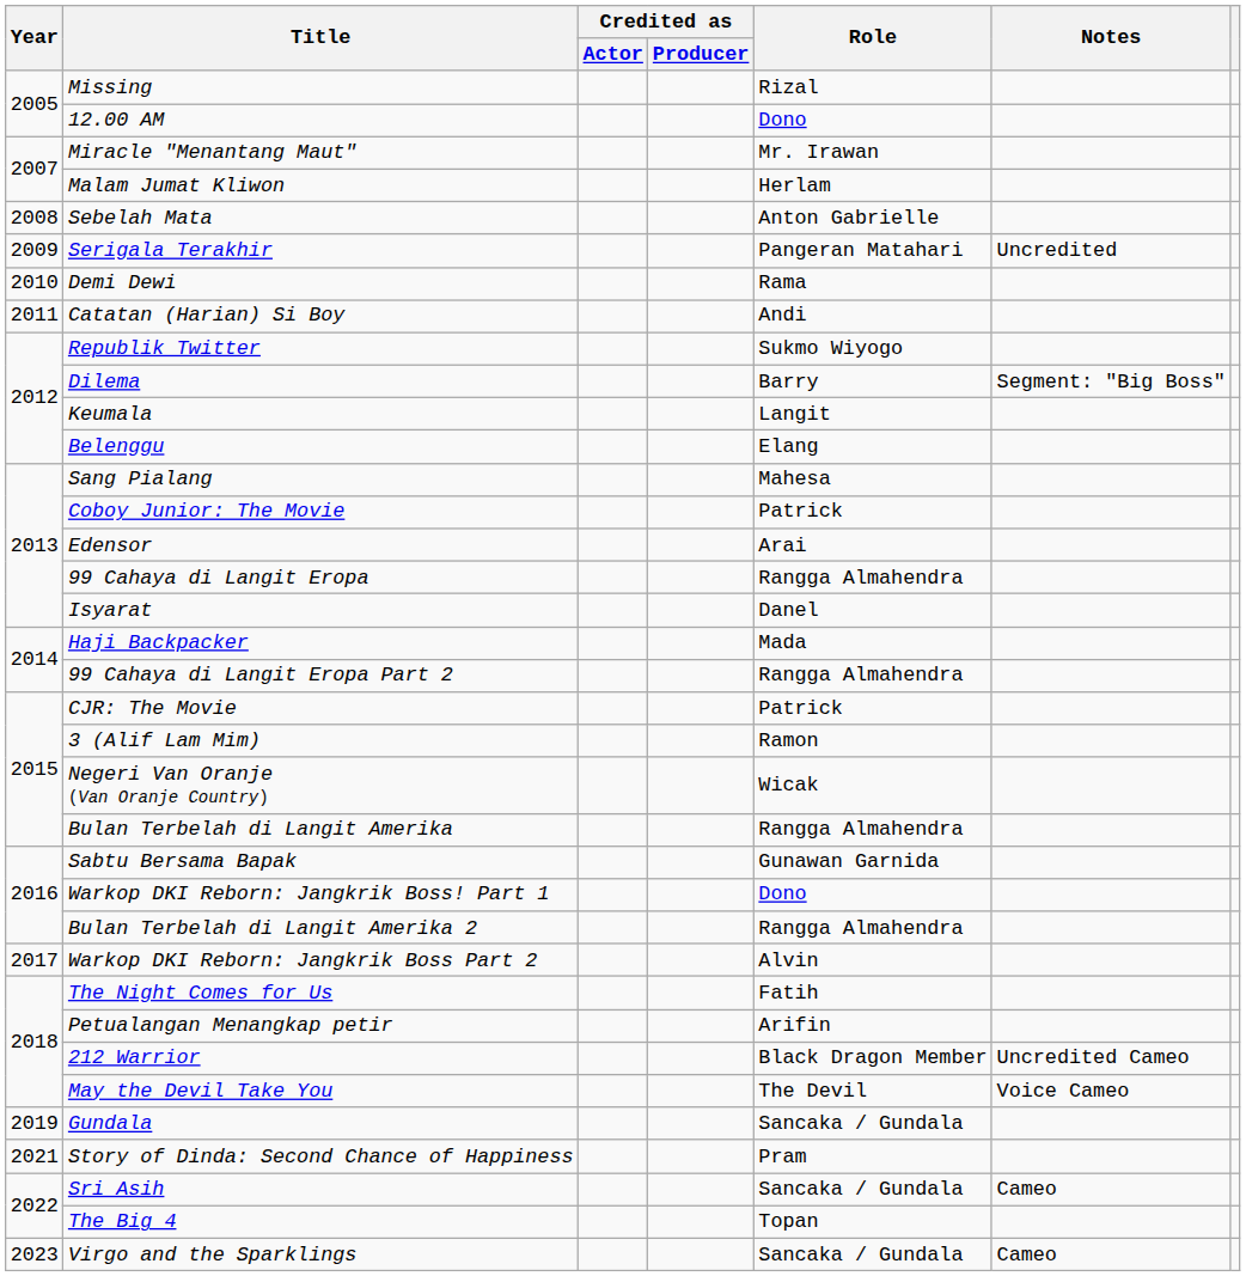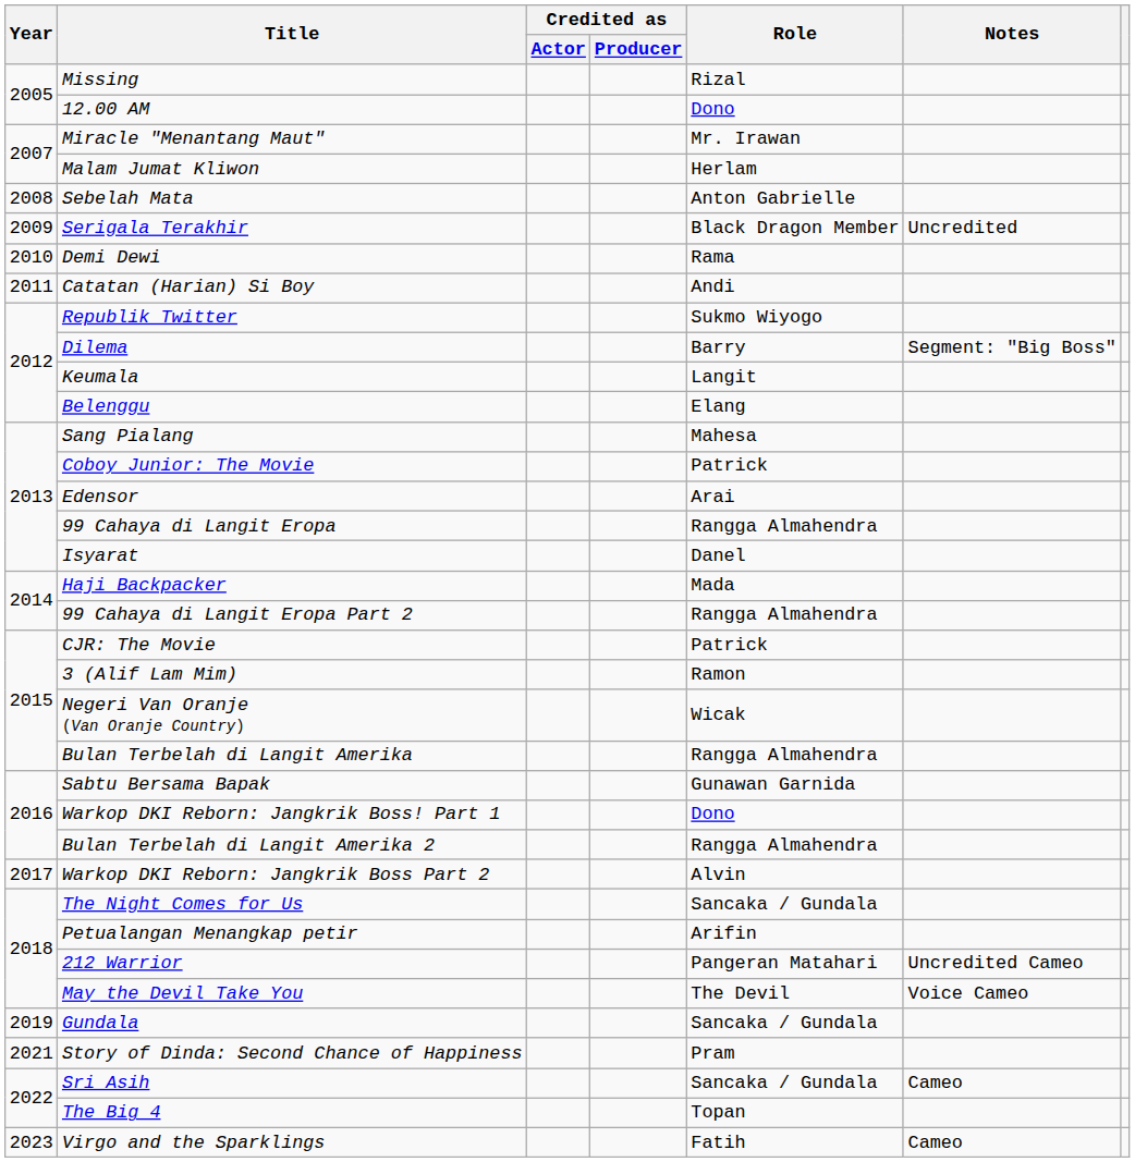 <table class="wikitable plainrowheaders sortable">
 <tr>
 <th rowspan="2" scope="col">Year</th>
 <th rowspan="2" scope="col">Title</th>
 <th colspan="2" scope="col">Credited as</th>
 <th rowspan="2" scope="col" class="unsortable">Role</th>
 <th rowspan="2" scope="col" class="unsortable">Notes</th>
 <th rowspan="2" scope="col" class="unsortable"></th>
 </tr>
 <tr>
 <th><strong><a href='#'>Actor</a></strong></th>
 <th><strong><a href='#'>Producer</a></strong></th>
 </tr>
 <tr>
 <td rowspan="2">2005</td>
 <td><em>Missing</em></td>
 <td></td>
 <td></td>
 <td>Rizal</td>
 <td></td>
 <td></td>
 </tr>
 <tr>
 <td><em>12.00 AM</em></td>
 <td></td>
 <td></td>
 <td><a href='#'>Dono</a></td>
 <td></td>
 <td></td>
 </tr>
 <tr>
 <td rowspan="2">2007</td>
 <td><em>Miracle "Menantang Maut"</em></td>
 <td></td>
 <td></td>
 <td>Mr. Irawan</td>
 <td></td>
 <td></td>
 </tr>
 <tr>
 <td><em>Malam Jumat Kliwon</em></td>
 <td></td>
 <td></td>
 <td>Herlam</td>
 <td></td>
 <td></td>
 </tr>
 <tr>
 <td>2008</td>
 <td><em>Sebelah Mata</em></td>
 <td></td>
 <td></td>
 <td>Anton Gabrielle</td>
 <td></td>
 <td></td>
 </tr>
 <tr>
 <td>2009</td>
 <td><em><a href='#'>Serigala Terakhir</a></em><br></td>
 <td></td>
 <td></td>
-<td>Pangeran Matahari</td>
+<td>Black Dragon Member</td>
 <td>Uncredited</td>
 <td></td>
 </tr>
 <tr>
 <td>2010</td>
 <td><em>Demi Dewi</em></td>
 <td></td>
 <td></td>
 <td>Rama</td>
 <td></td>
 <td></td>
 </tr>
 <tr>
 <td>2011</td>
 <td><em>Catatan (Harian) Si Boy</em> <br></td>
 <td></td>
 <td></td>
 <td>Andi</td>
 <td></td>
 <td></td>
 </tr>
 <tr>
 <td rowspan="4">2012</td>
 <td><em><a href='#'>Republik Twitter</a></em></td>
 <td></td>
 <td></td>
 <td>Sukmo Wiyogo</td>
 <td></td>
 <td></td>
 </tr>
 <tr>
 <td><em><a href='#'>Dilema</a></em></td>
 <td></td>
 <td></td>
 <td>Barry</td>
 <td>Segment: "Big Boss"</td>
 <td></td>
 </tr>
 <tr>
 <td><em>Keumala</em></td>
 <td></td>
 <td></td>
 <td>Langit</td>
 <td></td>
 <td></td>
 </tr>
 <tr>
 <td><em><a href='#'>Belenggu</a></em></td>
 <td></td>
 <td></td>
 <td>Elang</td>
 <td></td>
 <td></td>
 </tr>
 <tr>
 <td rowspan="5">2013</td>
 <td><em>Sang Pialang</em><br></td>
 <td></td>
 <td></td>
 <td>Mahesa</td>
 <td></td>
 <td></td>
 </tr>
 <tr>
 <td><em><a href='#'>Coboy Junior: The Movie</a></em></td>
 <td></td>
 <td></td>
 <td>Patrick</td>
 <td></td>
 <td></td>
 </tr>
 <tr>
 <td><em>Edensor</em></td>
 <td></td>
 <td></td>
 <td>Arai</td>
 <td></td>
 <td></td>
 </tr>
 <tr>
 <td><em>99 Cahaya di Langit Eropa</em><br></td>
 <td></td>
 <td></td>
 <td>Rangga Almahendra</td>
 <td></td>
 <td></td>
 </tr>
 <tr>
 <td><em>Isyarat</em><br></td>
 <td></td>
 <td></td>
 <td>Danel</td>
 <td></td>
 <td></td>
 </tr>
 <tr>
 <td rowspan="2">2014</td>
 <td><em><a href='#'>Haji Backpacker</a></em></td>
 <td></td>
 <td></td>
 <td>Mada</td>
 <td></td>
 <td></td>
 </tr>
 <tr>
 <td><em>99 Cahaya di Langit Eropa Part 2 </em><br></td>
 <td></td>
 <td></td>
 <td>Rangga Almahendra</td>
 <td></td>
 <td></td>
 </tr>
 <tr>
 <td rowspan="4">2015</td>
 <td><em>CJR: The Movie</em></td>
 <td></td>
 <td></td>
 <td>Patrick</td>
 <td></td>
 <td></td>
 </tr>
 <tr>
 <td><em>3 (Alif Lam Mim)</em></td>
 <td></td>
 <td></td>
 <td>Ramon</td>
 <td></td>
 <td></td>
 </tr>
 <tr>
 <td><em>Negeri Van Oranje</em><br><small>(<em>Van Oranje Country</em>)</small></td>
 <td></td>
 <td></td>
 <td>Wicak</td>
 <td></td>
 <td></td>
 </tr>
 <tr>
 <td><em>Bulan Terbelah di Langit Amerika</em></td>
 <td></td>
 <td></td>
 <td>Rangga Almahendra</td>
 <td></td>
 <td></td>
 </tr>
 <tr>
 <td rowspan="3">2016</td>
 <td><em>Sabtu Bersama Bapak</em><br></td>
 <td></td>
 <td></td>
 <td>Gunawan Garnida</td>
 <td></td>
 <td></td>
 </tr>
 <tr>
 <td><em>Warkop DKI Reborn: Jangkrik Boss! Part 1</em></td>
 <td></td>
 <td></td>
 <td><a href='#'>Dono</a></td>
 <td></td>
 <td></td>
 </tr>
 <tr>
 <td><em>Bulan Terbelah di Langit Amerika 2</em></td>
 <td></td>
 <td></td>
 <td>Rangga Almahendra</td>
 <td></td>
 <td></td>
 </tr>
 <tr>
 <td>2017</td>
 <td><em>Warkop DKI Reborn: Jangkrik Boss Part 2</em></td>
 <td></td>
 <td></td>
 <td>Alvin</td>
 <td></td>
 <td></td>
 </tr>
 <tr>
 <td rowspan="4">2018</td>
 <td><em><a href='#'>The Night Comes for Us</a></em></td>
 <td></td>
 <td></td>
-<td>Fatih</td>
+<td>Sancaka / Gundala</td>
 <td></td>
 <td></td>
 </tr>
 <tr>
 <td><em>Petualangan Menangkap petir</em></td>
 <td></td>
 <td></td>
 <td>Arifin</td>
 <td></td>
 <td></td>
 </tr>
 <tr>
 <td><em><a href='#'>212 Warrior</a></em></td>
 <td></td>
 <td></td>
-<td>Black Dragon Member</td>
+<td>Pangeran Matahari</td>
 <td>Uncredited Cameo</td>
 <td></td>
 </tr>
 <tr>
 <td><em><a href='#'>May the Devil Take You</a></em></td>
 <td></td>
 <td></td>
 <td>The Devil</td>
 <td>Voice Cameo</td>
 <td></td>
 </tr>
 <tr>
 <td>2019</td>
 <td><em><a href='#'>Gundala</a></em></td>
 <td></td>
 <td></td>
 <td>Sancaka / Gundala</td>
 <td></td>
 <td></td>
 </tr>
 <tr>
 <td>2021</td>
 <td><em>Story of Dinda: Second Chance of Happiness</em></td>
 <td></td>
 <td></td>
 <td>Pram</td>
 <td></td>
 <td></td>
 </tr>
 <tr>
 <td rowspan="2">2022</td>
 <td><em><a href='#'>Sri Asih</a></em></td>
 <td></td>
 <td></td>
 <td>Sancaka / Gundala</td>
 <td>Cameo</td>
 <td></td>
 </tr>
 <tr>
 <td><em><a href='#'>The Big 4</a></em></td>
 <td></td>
 <td></td>
 <td>Topan</td>
 <td></td>
 <td></td>
 </tr>
 <tr>
 <td>2023</td>
 <td><em>Virgo and the Sparklings</em></td>
 <td></td>
 <td></td>
-<td>Sancaka / Gundala</td>
+<td>Fatih</td>
 <td>Cameo</td>
 <td></td>
 </tr>
 </table>
